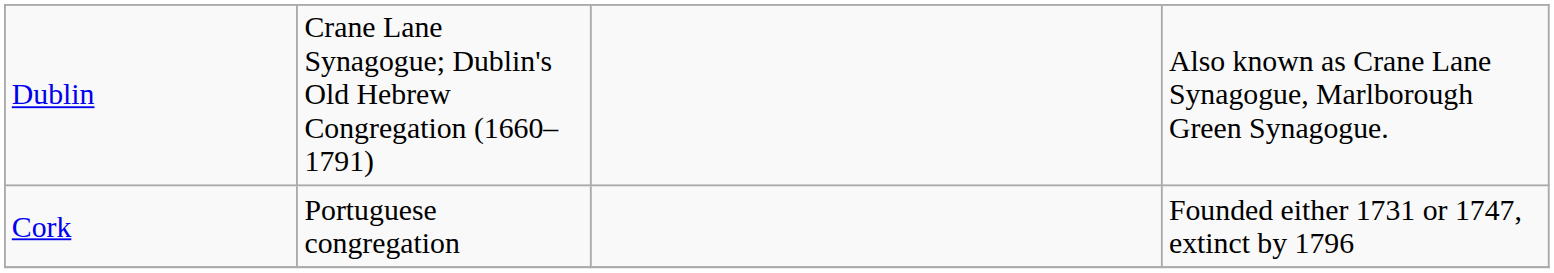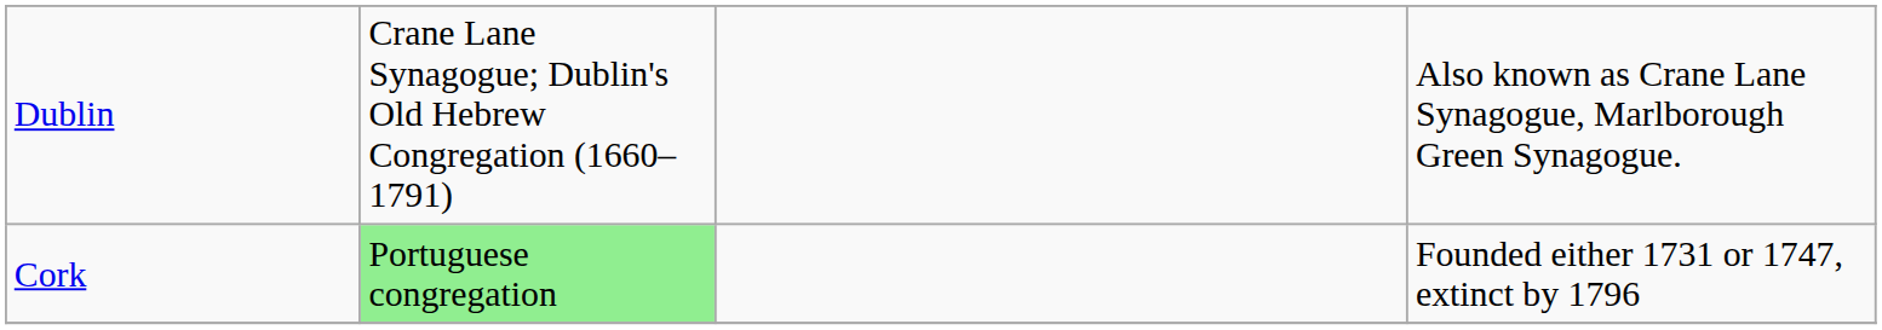 <table class="wikitable">
 <tr>
 <td width="150pt"><a href='#'>Dublin</a></td>
 <td width="150pt">Crane Lane Synagogue; Dublin's Old Hebrew Congregation (1660–1791)</td>
 <td width="300pt"></td>
 <td width="200pt">Also known as Crane Lane Synagogue, Marlborough Green Synagogue.</td>
 </tr>
 <tr>
 <td width="150pt"><a href='#'>Cork</a></td>
-<td width="150pt">Portuguese congregation</td>
+<td width="150pt" style="background: lightgreen;">Portuguese congregation</td>
 <td width="300pt"></td>
 <td width="200pt">Founded either 1731 or 1747, extinct by 1796</td>
 </tr>
 <tr>
 </tr>
 </table>
